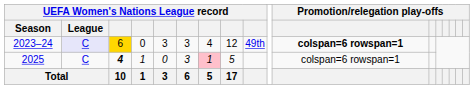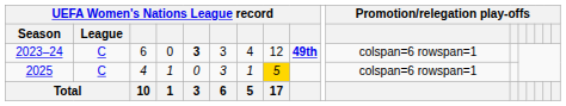 <table class="wikitable" style="text-align:center;">
 <tr>
 <th colspan="9"><a href='#'>UEFA Women's Nations League</a> record</th>
 <th style="width:1%;background:white" rowspan=5></th>
 <th colspan="7">Promotion/relegation play-offs</th>
 </tr>
 <tr>
 <th>Season</th>
 <th width=68>League</th>
 <th width=28></th>
 <th width=28></th>
 <th width=28></th>
 <th width=28></th>
 <th width=28></th>
 <th width=28></th>
 <th width=28></th>
 <th></th>
 <th></th>
 <th></th>
 <th></th>
 <th></th>
 <th></th>
 <th></th>
 </tr>
 <tr>
 <td><a href='#'>2023–24</a></td>
-<td style="background: lavender;"><a href='#'>C</a></td>
-<td style="background: gold;">6</td>
+<td><a href='#'>C</a></td>
+<td>6</td>
 <td>0</td>
-<td>3</td>
+<td><strong>3</strong></td>
 <td>3</td>
 <td>4</td>
 <td>12</td>
-<td><a href='#'>49th</a></td>
-<td><strong>colspan=6 rowspan=1 </strong></td>
+<td><strong><a href='#'>49th</a></strong></td>
+<td>colspan=6 rowspan=1 </td>
 <td></td>
 </tr>
 <tr>
 <td><a href='#'>2025</a></td>
 <td><a href='#'>C</a></td>
-<td><strong><em>4</em></strong></td>
+<td><em>4</em></td>
 <td><em>1</em></td>
 <td><em>0</em></td>
 <td><em>3</em></td>
-<td style="background: pink;"><em>1</em></td>
-<td><em>5</em></td>
+<td><em>1</em></td>
+<td style="background: gold;"><em>5</em></td>
 <td></td>
 <td>colspan=6 rowspan=1 </td>
 <td></td>
 </tr>
 <tr>
 <th colspan="2" rowspan="1"><strong>Total</strong></th>
 <th>10</th>
 <th>1</th>
 <th>3</th>
 <th>6</th>
 <th>5</th>
 <th>17</th>
 <th></th>
 <th></th>
 <th></th>
 <th></th>
 <th></th>
 <th></th>
 <th></th>
 <th></th>
 </tr>
 </table>
